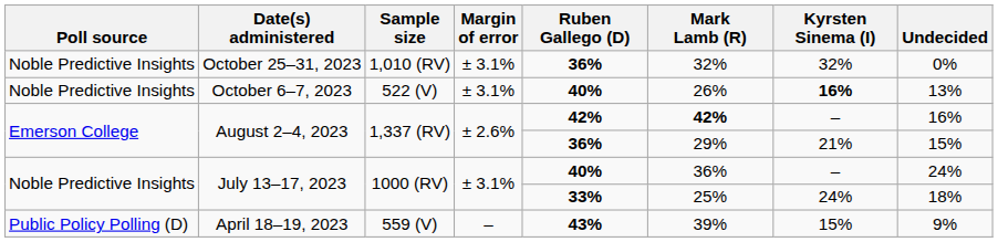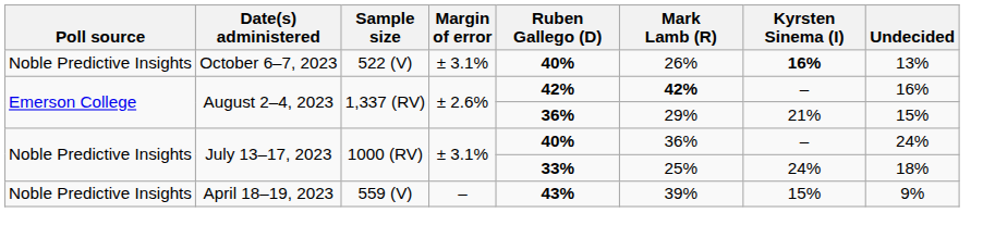 <table class="wikitable" style="font-size:90%;text-align:center;">
 <tr style="vertical-align:bottom">
 <th>Poll source</th>
 <th>Date(s)<br>administered</th>
 <th>Sample<br>size</th>
 <th>Margin<br>of error</th>
 <th style="width:100px;">Ruben<br>Gallego (D)</th>
 <th style="width:100px;">Mark<br>Lamb (R)</th>
 <th style="width:100px;">Kyrsten<br>Sinema (I)</th>
 <th>Undecided</th>
-</tr>
-<tr>
-<td style="text-align:left">Noble Predictive Insights</td>
-<td>October 25–31, 2023</td>
-<td>1,010 (RV)</td>
-<td>± 3.1%</td>
-<td><strong>36%</strong></td>
-<td>32%</td>
-<td>32%</td>
-<td>0%</td>
 </tr>
 <tr>
 <td style="text-align:left">Noble Predictive Insights</td>
 <td>October 6–7, 2023</td>
 <td>522 (V)</td>
 <td>± 3.1%</td>
 <td><strong>40%</strong></td>
 <td>26%</td>
 <td><strong>16%</strong></td>
 <td>13%</td>
 </tr>
 <tr>
 <td rowspan=2 style="text-align:left"><a href='#'>Emerson College</a></td>
 <td rowspan=2>August 2–4, 2023</td>
 <td rowspan=2>1,337 (RV)</td>
 <td rowspan=2>± 2.6%</td>
 <td><strong>42%</strong></td>
 <td><strong>42%</strong></td>
 <td>–</td>
 <td>16%</td>
 </tr>
 <tr>
 <td><strong>36%</strong></td>
 <td>29%</td>
 <td>21%</td>
 <td>15%</td>
 </tr>
 <tr>
 <td rowspan=2 style="text-align:left">Noble Predictive Insights</td>
 <td rowspan=2>July 13–17, 2023</td>
 <td rowspan=2>1000 (RV)</td>
 <td rowspan=2>± 3.1%</td>
 <td><strong>40%</strong></td>
 <td>36%</td>
 <td>–</td>
 <td>24%</td>
 </tr>
 <tr>
 <td><strong>33%</strong></td>
 <td>25%</td>
 <td>24%</td>
 <td>18%</td>
 </tr>
 <tr>
-<td style="text-align:left"><a href='#'>Public Policy Polling</a> (D)</td>
+<td style="text-align:left">Noble Predictive Insights</td>
 <td>April 18–19, 2023</td>
 <td>559 (V)</td>
 <td>–</td>
 <td><strong>43%</strong></td>
 <td>39%</td>
 <td>15%</td>
 <td>9%</td>
 </tr>
 </table>
